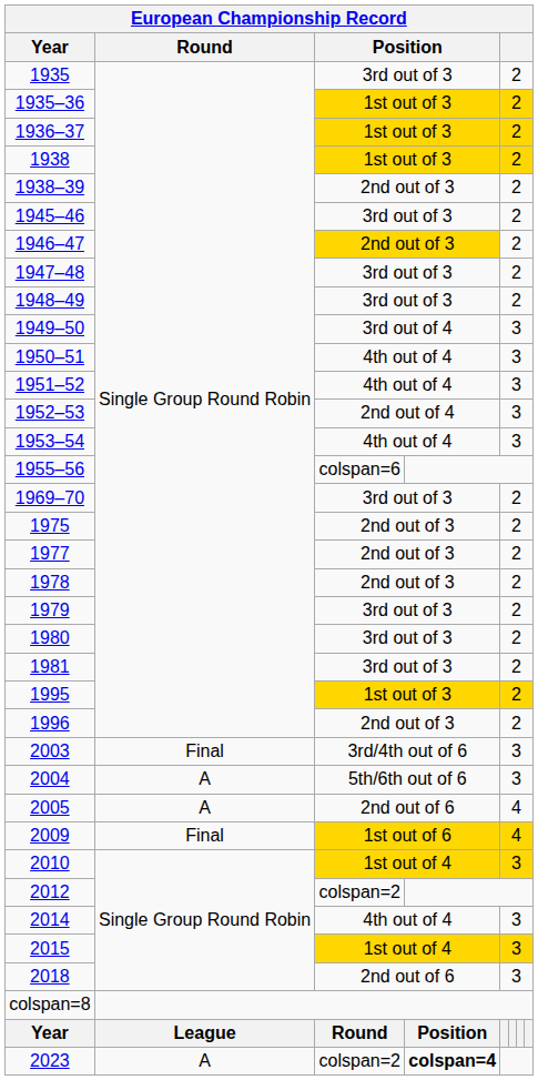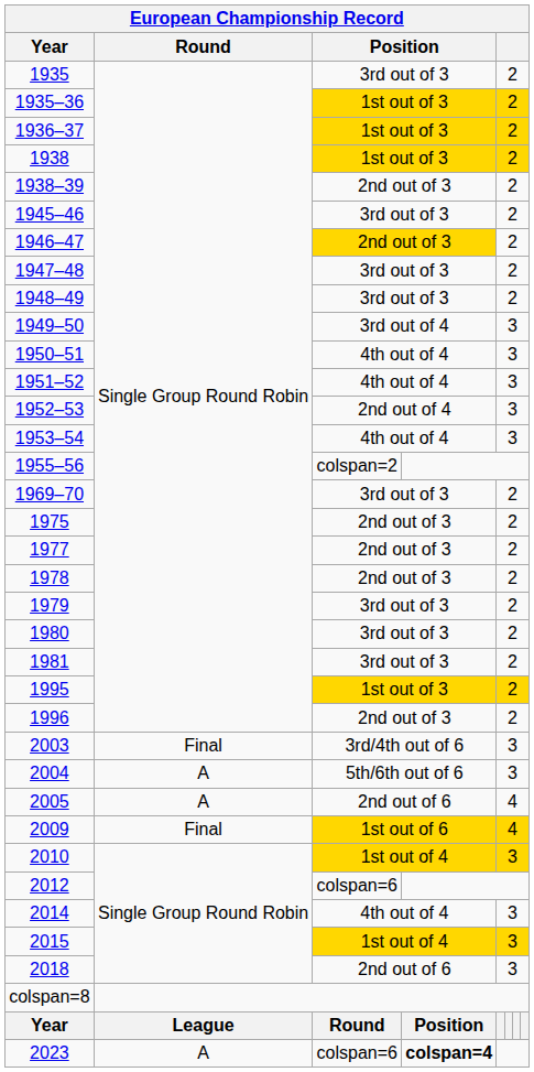 <table class="wikitable" style="text-align: center;">
 <tr>
 <th colspan="8"><a href='#'>European Championship Record</a></th>
 </tr>
 <tr>
 <th>Year</th>
 <th>Round</th>
 <th colspan=2>Position</th>
 <th colspan=4></th>
 </tr>
 <tr>
 <td><a href='#'>1935</a></td>
 <td rowspan=24>Single Group Round Robin</td>
 <td colspan=2>3rd out of 3</td>
 <td colspan=4>2</td>
 </tr>
 <tr>
 <td><a href='#'>1935–36</a></td>
 <td style="background:gold"colspan=2>1st out of 3</td>
 <td style="background:gold" colspan=4>2</td>
 </tr>
 <tr>
 <td><a href='#'>1936–37</a></td>
 <td style="background:gold"colspan=2>1st out of 3</td>
 <td style="background:gold" colspan=4>2</td>
 </tr>
 <tr>
 <td><a href='#'>1938</a></td>
 <td style="background:gold"colspan=2>1st out of 3</td>
 <td style="background:gold" colspan=4>2</td>
 </tr>
 <tr>
 <td><a href='#'>1938–39</a></td>
 <td colspan=2>2nd out of 3</td>
 <td colspan=4>2</td>
 </tr>
 <tr>
 <td><a href='#'>1945–46</a></td>
 <td colspan=2>3rd out of 3</td>
 <td colspan=4>2</td>
 </tr>
 <tr>
 <td><a href='#'>1946–47</a></td>
 <td style="background:gold" colspan=2>2nd out of 3</td>
 <td colspan=4>2</td>
 </tr>
 <tr>
 <td><a href='#'>1947–48</a></td>
 <td colspan=2>3rd out of 3</td>
 <td colspan=4>2</td>
 </tr>
 <tr>
 <td><a href='#'>1948–49</a></td>
 <td colspan=2>3rd out of 3</td>
 <td colspan=4>2</td>
 </tr>
 <tr>
 <td><a href='#'>1949–50</a></td>
 <td colspan=2>3rd out of 4</td>
 <td colspan=4>3</td>
 </tr>
 <tr>
 <td><a href='#'>1950–51</a></td>
 <td colspan=2>4th out of 4</td>
 <td colspan=4>3</td>
 </tr>
 <tr>
 <td><a href='#'>1951–52</a></td>
 <td colspan=2>4th out of 4</td>
 <td colspan=4>3</td>
 </tr>
 <tr>
 <td><a href='#'>1952–53</a></td>
 <td colspan=2>2nd out of 4</td>
 <td colspan=4>3</td>
 </tr>
 <tr>
 <td><a href='#'>1953–54</a></td>
 <td colspan=2>4th out of 4</td>
 <td colspan=4>3</td>
 </tr>
 <tr>
 <td><a href='#'>1955–56</a></td>
-<td>colspan=6</td>
+<td>colspan=2</td>
 </tr>
 <tr>
 <td><a href='#'>1969–70</a></td>
 <td colspan=2>3rd out of 3</td>
 <td colspan=4>2</td>
 </tr>
 <tr>
 <td><a href='#'>1975</a></td>
 <td colspan=2>2nd out of 3</td>
 <td colspan=4>2</td>
 </tr>
 <tr>
 <td><a href='#'>1977</a></td>
 <td colspan=2>2nd out of 3</td>
 <td colspan=4>2</td>
 </tr>
 <tr>
 <td><a href='#'>1978</a></td>
 <td colspan=2>2nd out of 3</td>
 <td colspan=4>2</td>
 </tr>
 <tr>
 <td><a href='#'>1979</a></td>
 <td colspan=2>3rd out of 3</td>
 <td colspan=4>2</td>
 </tr>
 <tr>
 <td><a href='#'>1980</a></td>
 <td colspan=2>3rd out of 3</td>
 <td colspan=4>2</td>
 </tr>
 <tr>
 <td><a href='#'>1981</a></td>
 <td colspan=2>3rd out of 3</td>
 <td colspan=4>2</td>
 </tr>
 <tr>
 <td><a href='#'>1995</a></td>
 <td style="background:gold" colspan=2>1st out of 3</td>
 <td style="background:gold" colspan=4>2</td>
 </tr>
 <tr>
 <td><a href='#'>1996</a></td>
 <td colspan=2>2nd out of 3</td>
 <td colspan=4>2</td>
 </tr>
 <tr>
 <td><a href='#'>2003</a></td>
 <td>Final</td>
 <td colspan=2>3rd/4th out of 6</td>
 <td colspan=4>3</td>
 </tr>
 <tr>
 <td><a href='#'>2004</a></td>
 <td>A</td>
 <td colspan=2>5th/6th out of 6</td>
 <td colspan=4>3</td>
 </tr>
 <tr>
 <td><a href='#'>2005</a></td>
 <td>A</td>
 <td colspan=2>2nd out of 6</td>
 <td colspan=4>4</td>
 </tr>
 <tr>
 <td><a href='#'>2009</a></td>
 <td>Final</td>
 <td style="background:gold" colspan=2>1st out of 6</td>
 <td style="background:gold" colspan=4>4</td>
 </tr>
 <tr>
 <td><a href='#'>2010</a></td>
 <td rowspan=5>Single Group Round Robin</td>
 <td style="background:gold" colspan=2>1st out of 4</td>
 <td style="background:gold" colspan=4>3</td>
 </tr>
 <tr>
 <td><a href='#'>2012</a></td>
-<td>colspan=2</td>
+<td>colspan=6</td>
 </tr>
 <tr>
 <td><a href='#'>2014</a></td>
 <td colspan=2>4th out of 4</td>
 <td colspan=4>3</td>
 </tr>
 <tr>
 <td><a href='#'>2015</a></td>
 <td style="background:gold" colspan=2>1st out of 4</td>
 <td style="background:gold" colspan=4>3</td>
 </tr>
 <tr>
 <td><a href='#'>2018</a></td>
 <td colspan=2>2nd out of 6</td>
 <td colspan=4>3</td>
 </tr>
 <tr>
 <td>colspan=8</td>
 </tr>
 <tr>
 <th>Year</th>
 <th>League</th>
 <th>Round</th>
 <th>Position</th>
 <th></th>
 <th></th>
 <th></th>
 <th></th>
 </tr>
 <tr>
 <td><a href='#'>2023</a></td>
 <td>A</td>
-<td>colspan=2</td>
+<td>colspan=6</td>
 <td><strong>colspan=4</strong></td>
 </tr>
 </table>
